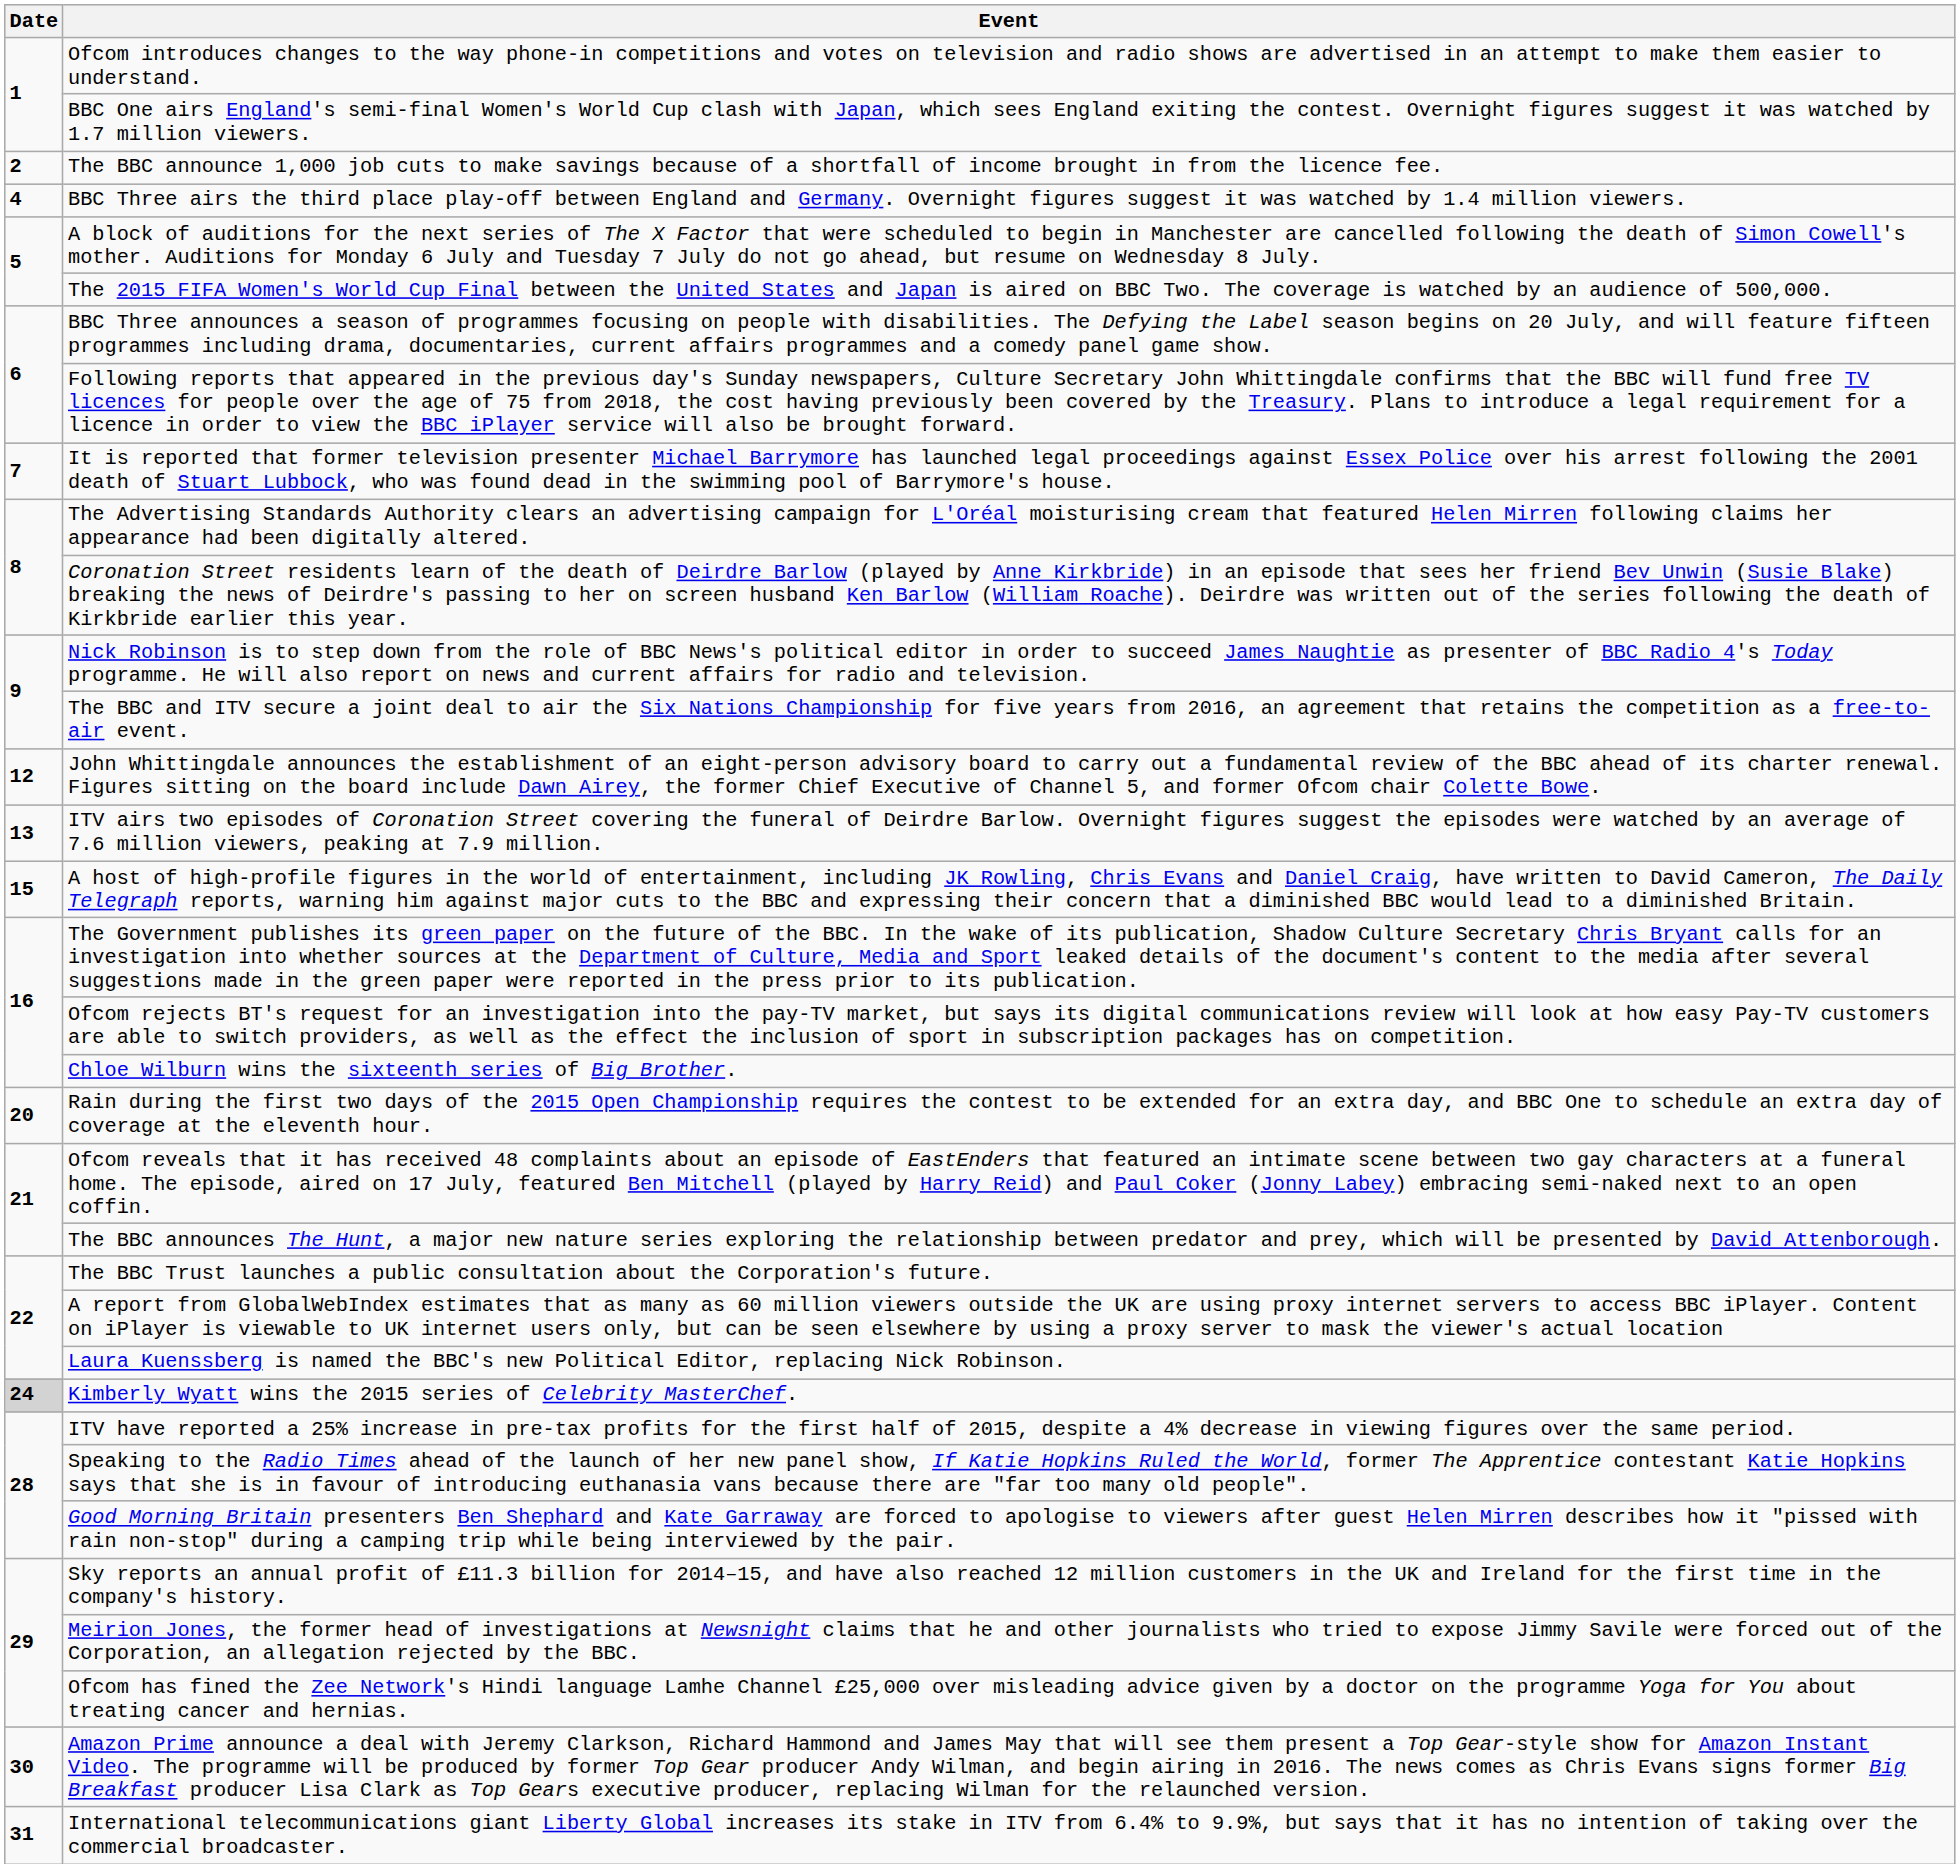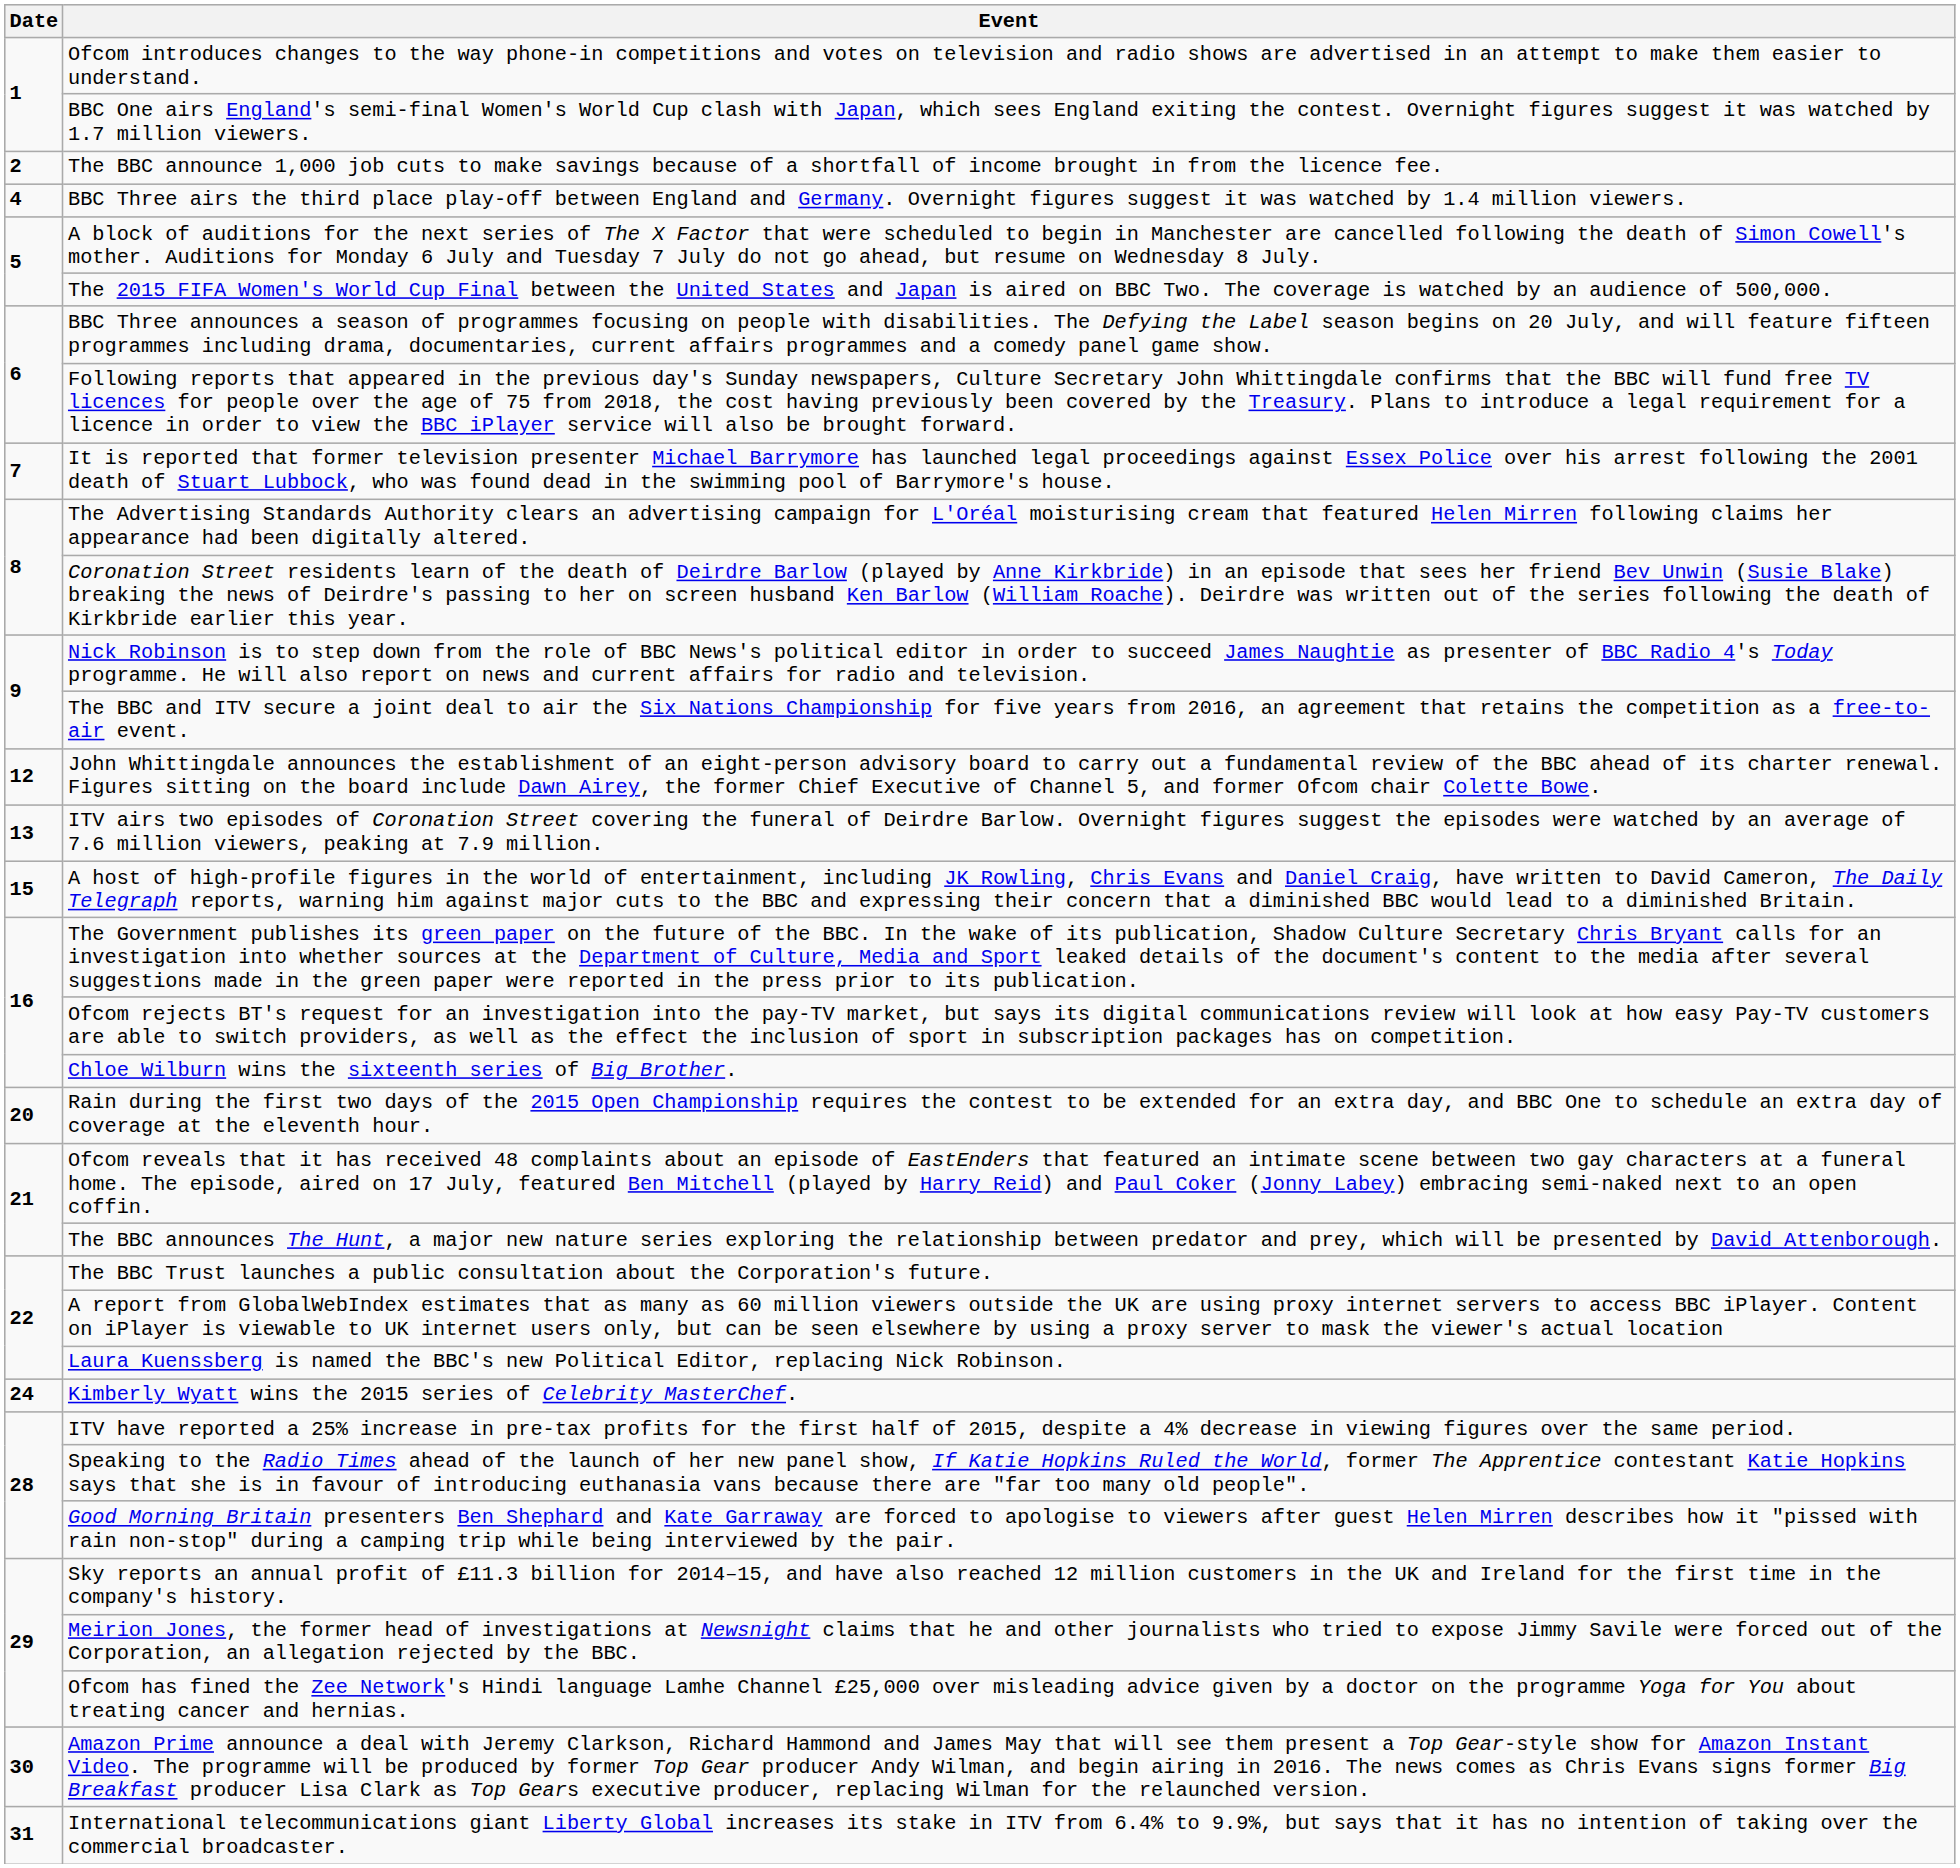 <table class="wikitable">
 <tr>
 <th>Date</th>
 <th>Event</th>
 </tr>
 <tr>
 <td rowspan=2><strong>1</strong></td>
 <td>Ofcom introduces changes to the way phone-in competitions and votes on television and radio shows are advertised in an attempt to make them easier to understand.</td>
 </tr>
 <tr>
 <td>BBC One airs <a href='#'>England</a>'s semi-final Women's World Cup clash with <a href='#'>Japan</a>, which sees England exiting the contest. Overnight figures suggest it was watched by 1.7 million viewers.</td>
 </tr>
 <tr>
 <td><strong>2</strong></td>
 <td>The BBC announce 1,000 job cuts to make savings because of a shortfall of income brought in from the licence fee.</td>
 </tr>
 <tr>
 <td><strong>4</strong></td>
 <td>BBC Three airs the third place play-off between England and <a href='#'>Germany</a>. Overnight figures suggest it was watched by 1.4 million viewers.</td>
 </tr>
 <tr>
 <td rowspan=2><strong>5</strong></td>
 <td>A block of auditions for the next series of <em>The X Factor</em> that were scheduled to begin in Manchester are cancelled following the death of <a href='#'>Simon Cowell</a>'s mother. Auditions for Monday 6 July and Tuesday 7 July do not go ahead, but resume on Wednesday 8 July.</td>
 </tr>
 <tr>
 <td>The <a href='#'>2015 FIFA Women's World Cup Final</a> between the <a href='#'>United States</a> and <a href='#'>Japan</a> is aired on BBC Two. The coverage is watched by an audience of 500,000.</td>
 </tr>
 <tr>
 <td rowspan=2><strong>6</strong></td>
 <td>BBC Three announces a season of programmes focusing on people with disabilities. The <em>Defying the Label</em> season begins on 20 July, and will feature fifteen programmes including drama, documentaries, current affairs programmes and a comedy panel game show.</td>
 </tr>
 <tr>
 <td>Following reports that appeared in the previous day's Sunday newspapers, Culture Secretary John Whittingdale confirms that the BBC will fund free <a href='#'>TV licences</a> for people over the age of 75 from 2018, the cost having previously been covered by the <a href='#'>Treasury</a>. Plans to introduce a legal requirement for a licence in order to view the <a href='#'>BBC iPlayer</a> service will also be brought forward.</td>
 </tr>
 <tr>
 <td><strong>7</strong></td>
 <td>It is reported that former television presenter <a href='#'>Michael Barrymore</a> has launched legal proceedings against <a href='#'>Essex Police</a> over his arrest following the 2001 death of <a href='#'>Stuart Lubbock</a>, who was found dead in the swimming pool of Barrymore's house.</td>
 </tr>
 <tr>
 <td rowspan=2><strong>8</strong></td>
 <td>The Advertising Standards Authority clears an advertising campaign for <a href='#'>L'Oréal</a> moisturising cream that featured <a href='#'>Helen Mirren</a> following claims her appearance had been digitally altered.</td>
 </tr>
 <tr>
 <td><em>Coronation Street</em> residents learn of the death of <a href='#'>Deirdre Barlow</a> (played by <a href='#'>Anne Kirkbride</a>) in an episode that sees her friend <a href='#'>Bev Unwin</a> (<a href='#'>Susie Blake</a>) breaking the news of Deirdre's passing to her on screen husband <a href='#'>Ken Barlow</a> (<a href='#'>William Roache</a>). Deirdre was written out of the series following the death of Kirkbride earlier this year.</td>
 </tr>
 <tr>
 <td rowspan=2><strong>9</strong></td>
 <td><a href='#'>Nick Robinson</a> is to step down from the role of BBC News's political editor in order to succeed <a href='#'>James Naughtie</a> as presenter of <a href='#'>BBC Radio 4</a>'s <em><a href='#'>Today</a></em> programme. He will also report on news and current affairs for radio and television.</td>
 </tr>
 <tr>
 <td>The BBC and ITV secure a joint deal to air the <a href='#'>Six Nations Championship</a> for five years from 2016, an agreement that retains the competition as a <a href='#'>free-to-air</a> event.</td>
 </tr>
 <tr>
 <td><strong>12</strong></td>
 <td>John Whittingdale announces the establishment of an eight-person advisory board to carry out a fundamental review of the BBC ahead of its charter renewal. Figures sitting on the board include <a href='#'>Dawn Airey</a>, the former Chief Executive of Channel 5, and former Ofcom chair <a href='#'>Colette Bowe</a>.</td>
 </tr>
 <tr>
 <td><strong>13</strong></td>
 <td>ITV airs two episodes of <em>Coronation Street</em> covering the funeral of Deirdre Barlow. Overnight figures suggest the episodes were watched by an average of 7.6 million viewers, peaking at 7.9 million.</td>
 </tr>
 <tr>
 <td><strong>15</strong></td>
 <td>A host of high-profile figures in the world of entertainment, including <a href='#'>JK Rowling</a>, <a href='#'>Chris Evans</a> and <a href='#'>Daniel Craig</a>, have written to David Cameron, <em><a href='#'>The Daily Telegraph</a></em> reports, warning him against major cuts to the BBC and expressing their concern that a diminished BBC would lead to a diminished Britain.</td>
 </tr>
 <tr>
 <td rowspan=3><strong>16</strong></td>
 <td>The Government publishes its <a href='#'>green paper</a> on the future of the BBC. In the wake of its publication, Shadow Culture Secretary <a href='#'>Chris Bryant</a> calls for an investigation into whether sources at the <a href='#'>Department of Culture, Media and Sport</a> leaked details of the document's content to the media after several suggestions made in the green paper were reported in the press prior to its publication.</td>
 </tr>
 <tr>
 <td>Ofcom rejects BT's request for an investigation into the pay-TV market, but says its digital communications review will look at how easy Pay-TV customers are able to switch providers, as well as the effect the inclusion of sport in subscription packages has on competition.</td>
 </tr>
 <tr>
 <td><a href='#'>Chloe Wilburn</a> wins the <a href='#'>sixteenth series</a> of <em><a href='#'>Big Brother</a></em>.</td>
 </tr>
 <tr>
 <td><strong>20</strong></td>
 <td>Rain during the first two days of the <a href='#'>2015 Open Championship</a> requires the contest to be extended for an extra day, and BBC One to schedule an extra day of coverage at the eleventh hour.</td>
 </tr>
 <tr>
 <td rowspan=2><strong>21</strong></td>
 <td>Ofcom reveals that it has received 48 complaints about an episode of <em>EastEnders</em> that featured an intimate scene between two gay characters at a funeral home. The episode, aired on 17 July, featured <a href='#'>Ben Mitchell</a> (played by <a href='#'>Harry Reid</a>) and <a href='#'>Paul Coker</a> (<a href='#'>Jonny Labey</a>) embracing semi-naked next to an open coffin.</td>
 </tr>
 <tr>
 <td>The BBC announces <em><a href='#'>The Hunt</a></em>, a major new nature series exploring the relationship between predator and prey, which will be presented by <a href='#'>David Attenborough</a>.</td>
 </tr>
 <tr>
 <td rowspan=3><strong>22</strong></td>
 <td>The BBC Trust launches a public consultation about the Corporation's future.</td>
 </tr>
 <tr>
 <td>A report from GlobalWebIndex estimates that as many as 60 million viewers outside the UK are using proxy internet servers to access BBC iPlayer. Content on iPlayer is viewable to UK internet users only, but can be seen elsewhere by using a proxy server to mask the viewer's actual location</td>
 </tr>
 <tr>
 <td><a href='#'>Laura Kuenssberg</a> is named the BBC's new Political Editor, replacing Nick Robinson.</td>
 </tr>
 <tr>
-<td style="background: lightgrey;"><strong>24</strong></td>
+<td><strong>24</strong></td>
 <td><a href='#'>Kimberly Wyatt</a> wins the 2015 series of <em><a href='#'>Celebrity MasterChef</a></em>.</td>
 </tr>
 <tr>
 <td rowspan=3><strong>28</strong></td>
 <td>ITV have reported a 25% increase in pre-tax profits for the first half of 2015, despite a 4% decrease in viewing figures over the same period.</td>
 </tr>
 <tr>
 <td>Speaking to the <em><a href='#'>Radio Times</a></em> ahead of the launch of her new panel show, <em><a href='#'>If Katie Hopkins Ruled the World</a></em>, former <em>The Apprentice</em> contestant <a href='#'>Katie Hopkins</a> says that she is in favour of introducing euthanasia vans because there are "far too many old people".</td>
 </tr>
 <tr>
 <td><em><a href='#'>Good Morning Britain</a></em> presenters <a href='#'>Ben Shephard</a> and <a href='#'>Kate Garraway</a> are forced to apologise to viewers after guest <a href='#'>Helen Mirren</a> describes how it "pissed with rain non-stop" during a camping trip while being interviewed by the pair.</td>
 </tr>
 <tr>
 <td rowspan=3><strong>29</strong></td>
 <td>Sky reports an annual profit of £11.3 billion for 2014–15, and have also reached 12 million customers in the UK and Ireland for the first time in the company's history.</td>
 </tr>
 <tr>
 <td><a href='#'>Meirion Jones</a>, the former head of investigations at <em><a href='#'>Newsnight</a></em> claims that he and other journalists who tried to expose Jimmy Savile were forced out of the Corporation, an allegation rejected by the BBC.</td>
 </tr>
 <tr>
 <td>Ofcom has fined the <a href='#'>Zee Network</a>'s Hindi language Lamhe Channel £25,000 over misleading advice given by a doctor on the programme <em>Yoga for You</em> about treating cancer and hernias.</td>
 </tr>
 <tr>
 <td><strong>30</strong></td>
 <td><a href='#'>Amazon Prime</a> announce a deal with Jeremy Clarkson, Richard Hammond and James May that will see them present a <em>Top Gear</em>-style show for <a href='#'>Amazon Instant Video</a>. The programme will be produced by former <em>Top Gear</em> producer Andy Wilman, and begin airing in 2016. The news comes as Chris Evans signs former <em><a href='#'>Big Breakfast</a></em> producer Lisa Clark as <em>Top Gear</em>s executive producer, replacing Wilman for the relaunched version.</td>
 </tr>
 <tr>
 <td><strong>31</strong></td>
 <td>International telecommunications giant <a href='#'>Liberty Global</a> increases its stake in ITV from 6.4% to 9.9%, but says that it has no intention of taking over the commercial broadcaster.</td>
 </tr>
 </table>
